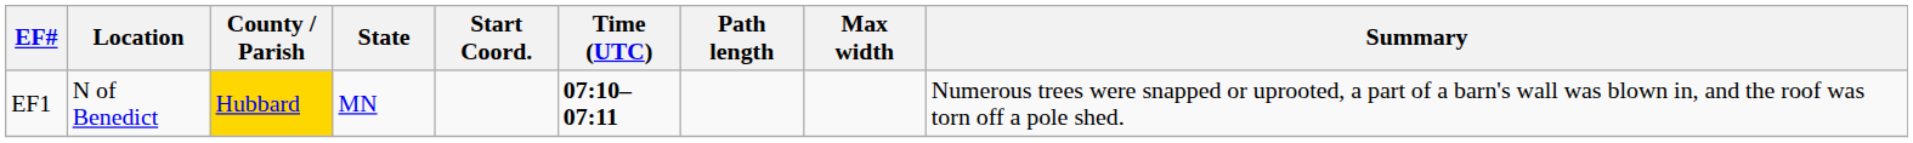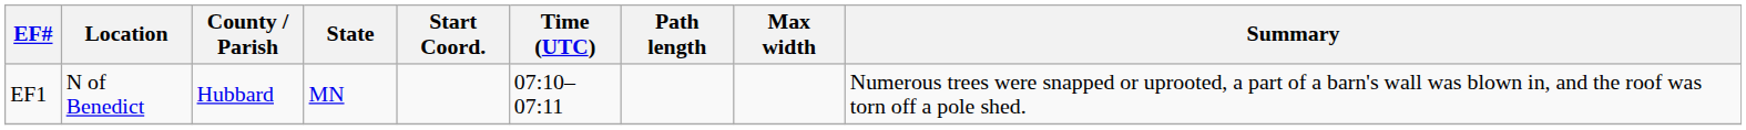 <table class="wikitable sortable" style="width:100%;">
 <tr>
 <th scope="col"  style="width:3%; text-align:center;"><a href='#'>EF#</a></th>
 <th scope="col"  style="width:7%; text-align:center;" class="unsortable">Location</th>
 <th scope="col"  style="width:6%; text-align:center;" class="unsortable">County / Parish</th>
 <th scope="col"  style="width:5%; text-align:center;">State</th>
 <th scope="col"  style="width:6%; text-align:center;">Start Coord.</th>
 <th scope="col"  style="width:6%; text-align:center;">Time (<a href='#'>UTC</a>)</th>
 <th scope="col"  style="width:6%; text-align:center;">Path length</th>
 <th scope="col"  style="width:6%; text-align:center;">Max width</th>
 <th scope="col" class="unsortable" style="width:48%; text-align:center;">Summary</th>
 </tr>
 <tr>
 <td>EF1</td>
 <td>N of <a href='#'>Benedict</a></td>
-<td style="background: gold;"><a href='#'>Hubbard</a></td>
+<td><a href='#'>Hubbard</a></td>
 <td><a href='#'>MN</a></td>
 <td></td>
-<td><strong>07:10–07:11</strong></td>
+<td>07:10–07:11</td>
 <td></td>
 <td></td>
 <td>Numerous trees were snapped or uprooted, a part of a barn's wall was blown in, and the roof was torn off a pole shed.</td>
 </tr>
 <tr>
 </tr>
 </table>
